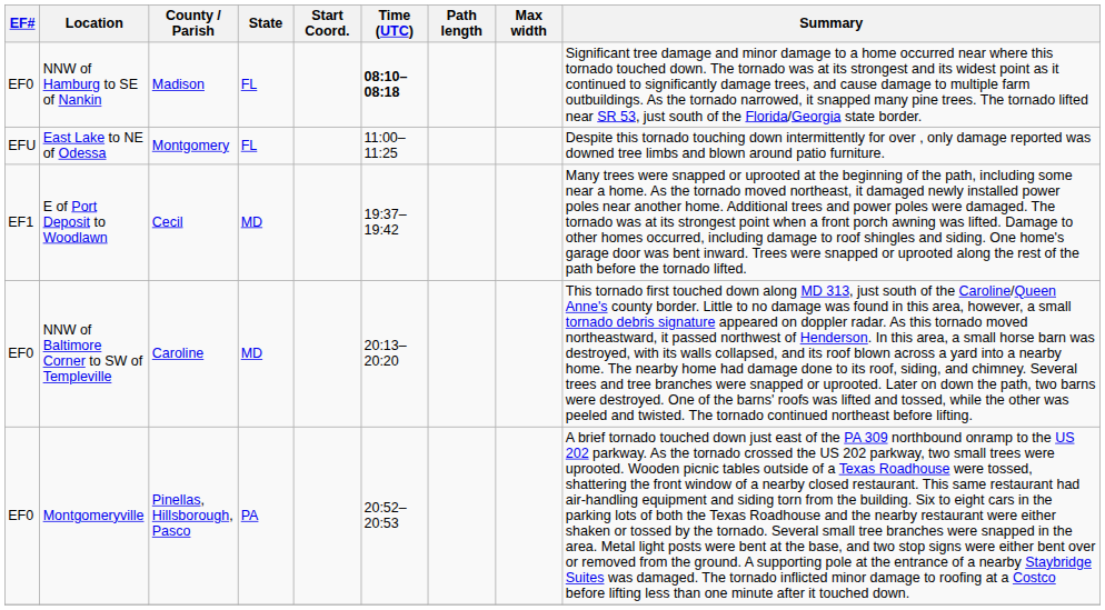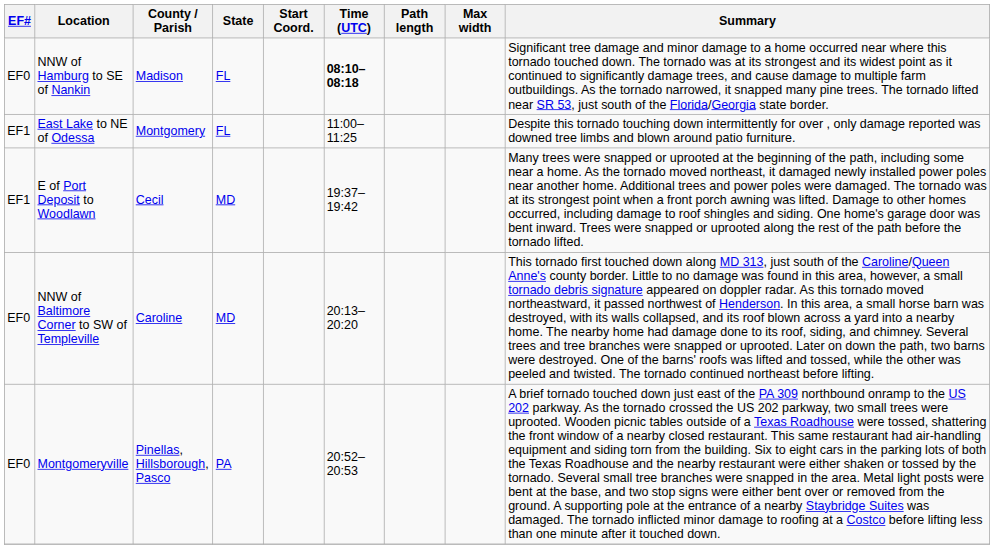 <table class="wikitable sortable" style="width:100%;">
 <tr>
 <th scope="col"  style="width:3%; text-align:center;"><a href='#'>EF#</a></th>
 <th scope="col"  style="width:7%; text-align:center;" class="unsortable">Location</th>
 <th scope="col"  style="width:6%; text-align:center;" class="unsortable">County / Parish</th>
 <th scope="col"  style="width:5%; text-align:center;">State</th>
 <th scope="col"  style="width:6%; text-align:center;">Start Coord.</th>
 <th scope="col"  style="width:6%; text-align:center;">Time (<a href='#'>UTC</a>)</th>
 <th scope="col"  style="width:6%; text-align:center;">Path length</th>
 <th scope="col"  style="width:6%; text-align:center;">Max width</th>
 <th scope="col" class="unsortable" style="width:48%; text-align:center;">Summary</th>
 </tr>
 <tr>
 <td>EF0</td>
 <td>NNW of <a href='#'>Hamburg</a> to SE of <a href='#'>Nankin</a></td>
 <td><a href='#'>Madison</a></td>
 <td><a href='#'>FL</a></td>
 <td></td>
 <td><strong>08:10–08:18</strong></td>
 <td></td>
 <td></td>
 <td>Significant tree damage and minor damage to a home occurred near where this tornado touched down. The tornado was at its strongest and its widest point as it continued to significantly damage trees, and cause damage to multiple farm outbuildings. As the tornado narrowed, it snapped many pine trees. The tornado lifted near <a href='#'>SR 53</a>, just south of the <a href='#'>Florida</a>/<a href='#'>Georgia</a> state border.</td>
 </tr>
 <tr>
-<td>EFU</td>
+<td>EF1</td>
 <td><a href='#'>East Lake</a> to NE of <a href='#'>Odessa</a></td>
 <td><a href='#'>Montgomery</a></td>
 <td><a href='#'>FL</a></td>
 <td></td>
 <td>11:00–11:25</td>
 <td></td>
 <td></td>
 <td>Despite this tornado touching down intermittently for over , only damage reported was downed tree limbs and blown around patio furniture.</td>
 </tr>
 <tr>
 <td>EF1</td>
 <td>E of <a href='#'>Port Deposit</a> to <a href='#'>Woodlawn</a></td>
 <td><a href='#'>Cecil</a></td>
 <td><a href='#'>MD</a></td>
 <td></td>
 <td>19:37–19:42</td>
 <td></td>
 <td></td>
 <td>Many trees were snapped or uprooted at the beginning of the path, including some near a home. As the tornado moved northeast, it damaged newly installed power poles near another home. Additional trees and power poles were damaged. The tornado was at its strongest point when a front porch awning was lifted. Damage to other homes occurred, including damage to roof shingles and siding. One home's garage door was bent inward. Trees were snapped or uprooted along the rest of the path before the tornado lifted.</td>
 </tr>
 <tr>
 <td>EF0</td>
 <td>NNW of <a href='#'>Baltimore Corner</a> to SW of <a href='#'>Templeville</a></td>
 <td><a href='#'>Caroline</a></td>
 <td><a href='#'>MD</a></td>
 <td></td>
 <td>20:13–20:20</td>
 <td></td>
 <td></td>
 <td>This tornado first touched down along <a href='#'>MD 313</a>, just south of the <a href='#'>Caroline</a>/<a href='#'>Queen Anne's</a> county border. Little to no damage was found in this area, however, a small <a href='#'>tornado debris signature</a> appeared on doppler radar. As this tornado moved northeastward, it passed northwest of <a href='#'>Henderson</a>. In this area, a small horse barn was destroyed, with its walls collapsed, and its roof blown across a yard into a nearby home. The nearby home had damage done to its roof, siding, and chimney. Several trees and tree branches were snapped or uprooted. Later on down the path, two barns were destroyed. One of the barns' roofs was lifted and tossed, while the other was peeled and twisted. The tornado continued northeast before lifting.</td>
 </tr>
 <tr>
 <td>EF0</td>
 <td><a href='#'>Montgomeryville</a></td>
 <td><a href='#'>Pinellas</a>, <a href='#'>Hillsborough</a>, <a href='#'>Pasco</a></td>
 <td><a href='#'>PA</a></td>
 <td></td>
 <td>20:52–20:53</td>
 <td></td>
 <td></td>
 <td>A brief tornado touched down just east of the <a href='#'>PA 309</a> northbound onramp to the <a href='#'>US 202</a> parkway. As the tornado crossed the US 202 parkway, two small trees were uprooted. Wooden picnic tables outside of a <a href='#'>Texas Roadhouse</a> were tossed, shattering the front window of a nearby closed restaurant. This same restaurant had air-handling equipment and siding torn from the building. Six to eight cars in the parking lots of both the Texas Roadhouse and the nearby restaurant were either shaken or tossed by the tornado. Several small tree branches were snapped in the area. Metal light posts were bent at the base, and two stop signs were either bent over or removed from the ground. A supporting pole at the entrance of a nearby <a href='#'>Staybridge Suites</a> was damaged. The tornado inflicted minor damage to roofing at a <a href='#'>Costco</a> before lifting less than one minute after it touched down.</td>
 </tr>
 <tr>
 </tr>
 </table>
